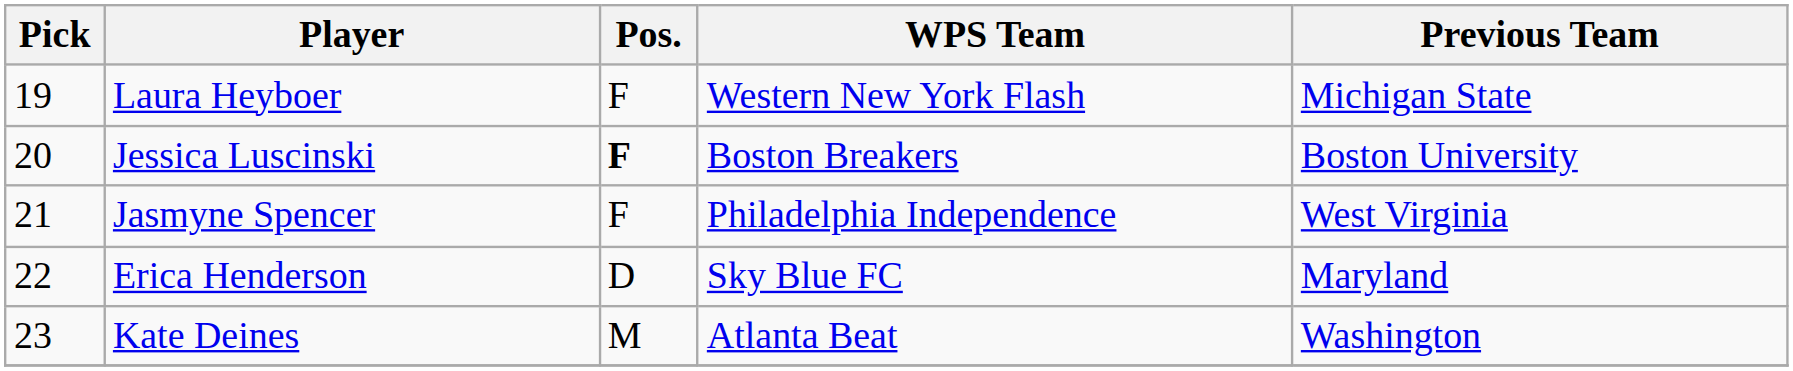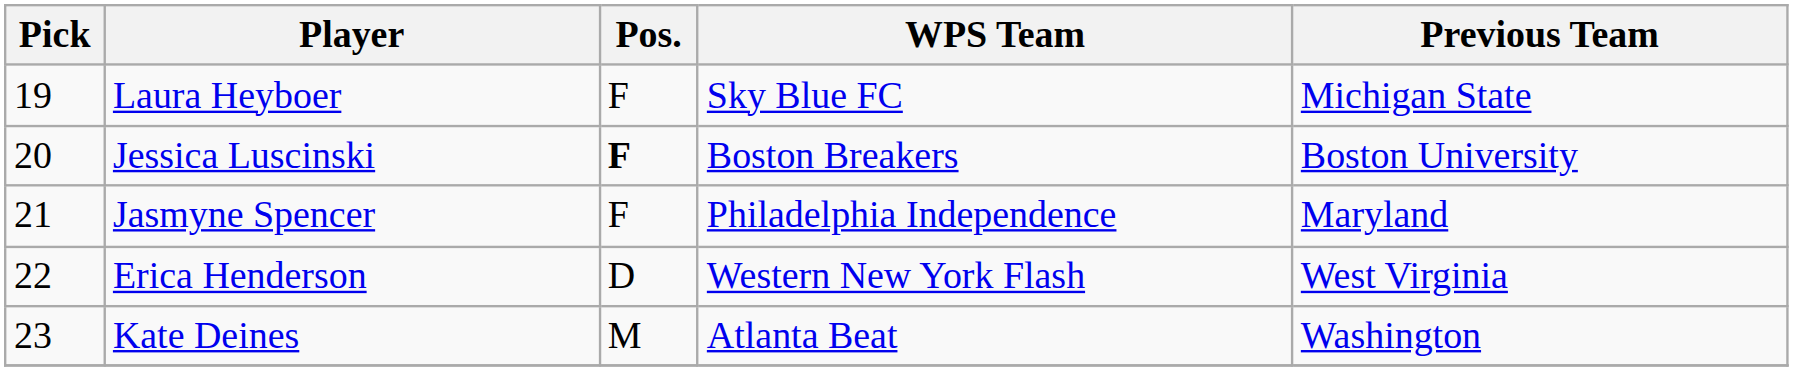 <table class="wikitable">
 <tr>
 <th width="5%">Pick</th>
 <th width="25%">Player</th>
 <th width="5%">Pos.</th>
 <th width="30%">WPS Team</th>
 <th width="25%">Previous Team</th>
 </tr>
 <tr>
 <td>19</td>
 <td><a href='#'>Laura Heyboer</a></td>
 <td>F</td>
-<td><a href='#'>Western New York Flash</a></td>
+<td><a href='#'>Sky Blue FC</a></td>
 <td><a href='#'>Michigan State</a></td>
 </tr>
 <tr>
 <td>20</td>
 <td><a href='#'>Jessica Luscinski</a></td>
 <td><strong>F</strong></td>
 <td><a href='#'>Boston Breakers</a></td>
 <td><a href='#'>Boston University</a></td>
 </tr>
 <tr>
 <td>21</td>
 <td><a href='#'>Jasmyne Spencer</a></td>
 <td>F</td>
 <td><a href='#'>Philadelphia Independence</a></td>
-<td><a href='#'>West Virginia</a></td>
+<td><a href='#'>Maryland</a></td>
 </tr>
 <tr>
 <td>22</td>
 <td><a href='#'>Erica Henderson</a></td>
 <td>D</td>
-<td><a href='#'>Sky Blue FC</a></td>
-<td><a href='#'>Maryland</a></td>
+<td><a href='#'>Western New York Flash</a></td>
+<td><a href='#'>West Virginia</a></td>
 </tr>
 <tr>
 <td>23</td>
 <td><a href='#'>Kate Deines</a></td>
 <td>M</td>
 <td><a href='#'>Atlanta Beat</a></td>
 <td><a href='#'>Washington</a></td>
 </tr>
 <tr>
 </tr>
 </table>
